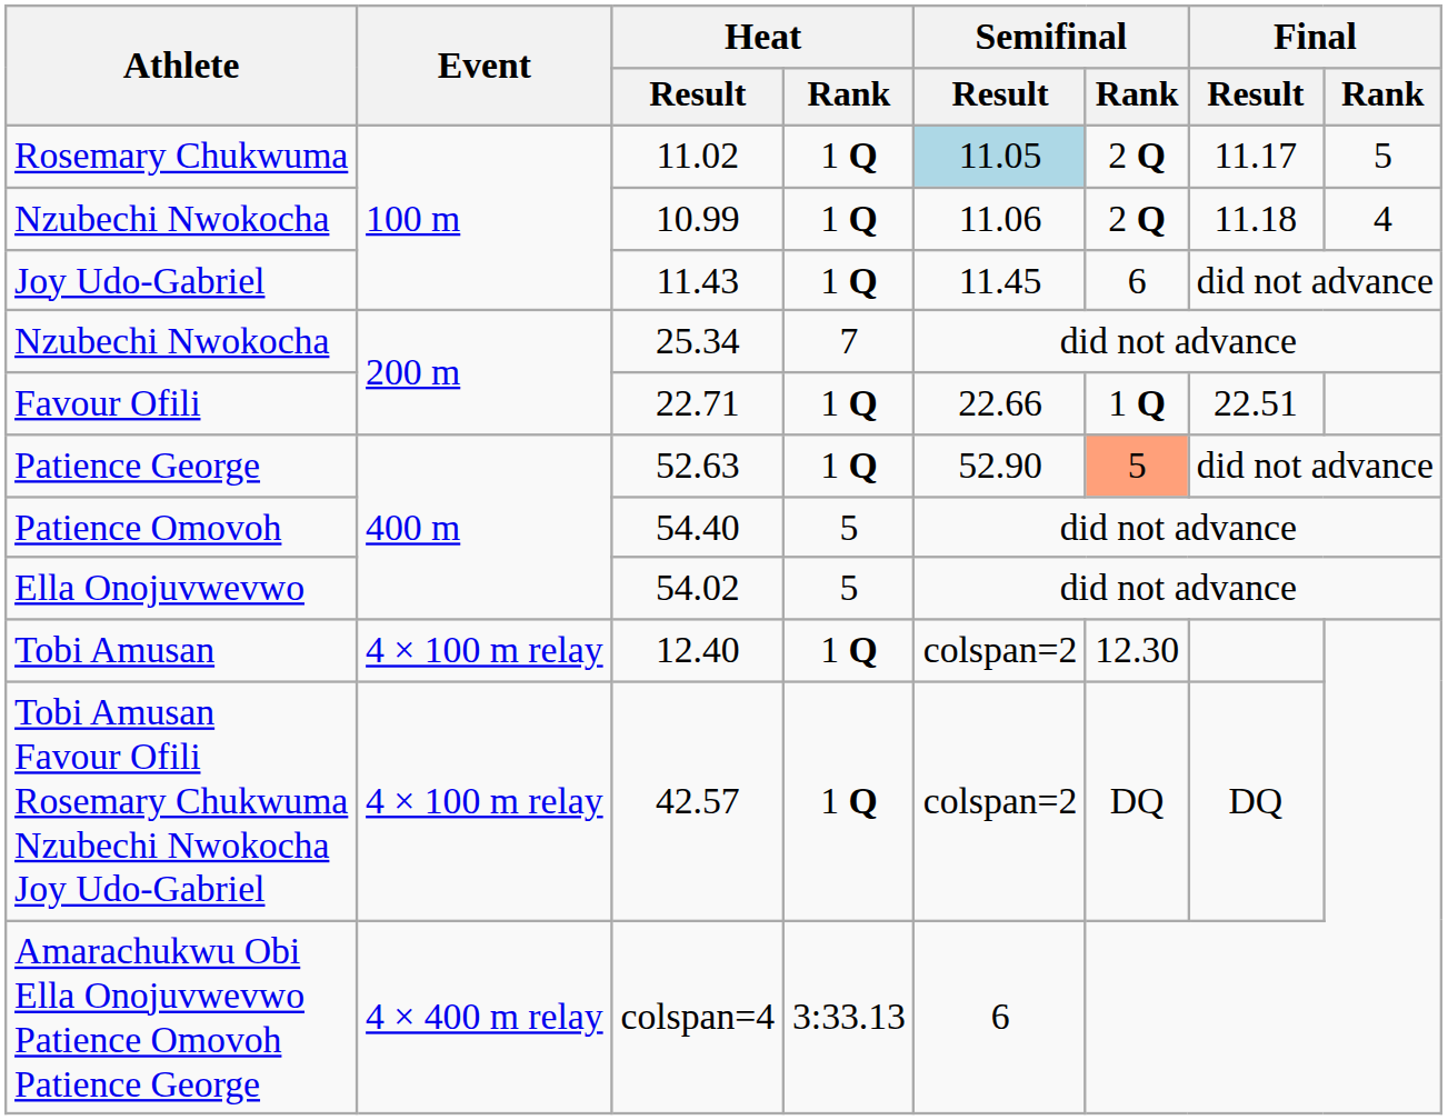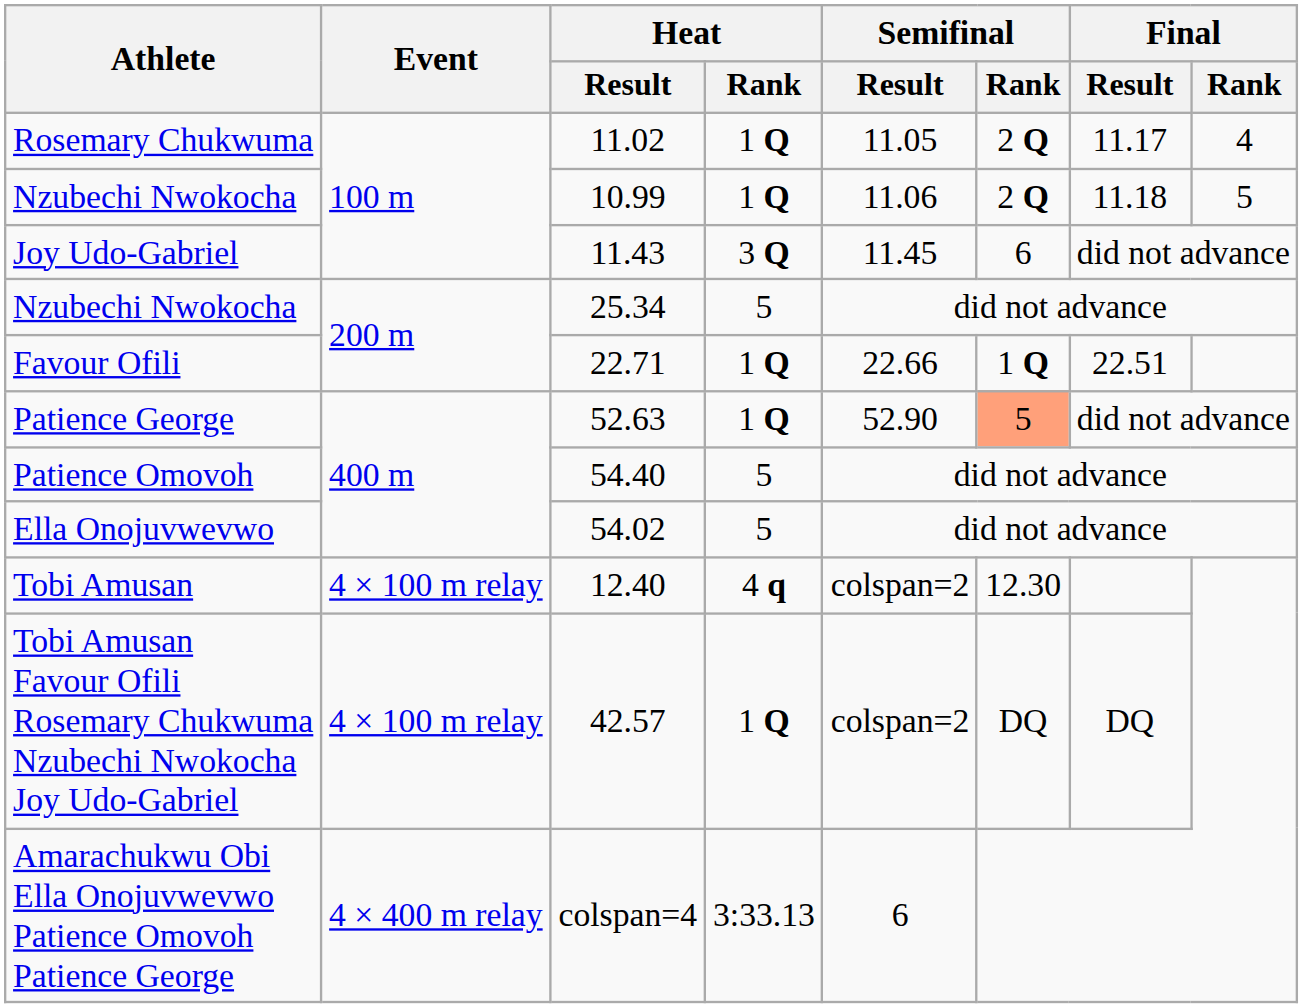 <table class="wikitable" style="font-size:90%; text-align:center">
 <tr>
 <th rowspan=2>Athlete</th>
 <th rowspan=2>Event</th>
 <th colspan=2>Heat</th>
 <th colspan=2>Semifinal</th>
 <th colspan=2>Final</th>
 </tr>
 <tr style="font-size:95%">
 <th>Result</th>
 <th>Rank</th>
 <th>Result</th>
 <th>Rank</th>
 <th>Result</th>
 <th>Rank</th>
 </tr>
 <tr>
 <td align=left><a href='#'>Rosemary Chukwuma</a></td>
 <td align=left rowspan=3><a href='#'>100 m</a></td>
 <td>11.02</td>
 <td>1 <strong>Q</strong></td>
-<td style="background: lightblue;">11.05</td>
+<td>11.05</td>
 <td>2 <strong>Q</strong></td>
 <td>11.17</td>
-<td>5</td>
+<td>4</td>
 </tr>
 <tr>
 <td align=left><a href='#'>Nzubechi Nwokocha</a></td>
 <td>10.99</td>
 <td>1 <strong>Q</strong></td>
 <td>11.06</td>
 <td>2 <strong>Q</strong></td>
 <td>11.18</td>
-<td>4</td>
+<td>5</td>
 </tr>
 <tr>
 <td align=left><a href='#'>Joy Udo-Gabriel</a></td>
 <td>11.43</td>
-<td>1 <strong>Q</strong></td>
+<td>3 <strong>Q</strong></td>
 <td>11.45</td>
 <td>6</td>
 <td colspan=2>did not advance</td>
 </tr>
 <tr>
 <td align=left><a href='#'>Nzubechi Nwokocha</a></td>
 <td align=left rowspan=2><a href='#'>200 m</a></td>
 <td>25.34</td>
-<td>7</td>
+<td>5</td>
 <td colspan=4>did not advance</td>
 </tr>
 <tr>
 <td align=left><a href='#'>Favour Ofili</a></td>
 <td>22.71</td>
 <td>1 <strong>Q</strong></td>
 <td>22.66</td>
 <td>1 <strong>Q</strong></td>
 <td>22.51</td>
 <td></td>
 </tr>
 <tr>
 <td align=left><a href='#'>Patience George</a></td>
 <td align=left rowspan=3><a href='#'>400 m</a></td>
 <td>52.63</td>
 <td>1 <strong>Q</strong></td>
 <td>52.90</td>
 <td style="background: lightsalmon;">5</td>
 <td colspan=2>did not advance</td>
 </tr>
 <tr>
 <td align=left><a href='#'>Patience Omovoh</a></td>
 <td>54.40</td>
 <td>5</td>
 <td colspan=4>did not advance</td>
 </tr>
 <tr>
 <td align=left><a href='#'>Ella Onojuvwevwo</a></td>
 <td>54.02</td>
 <td>5</td>
 <td colspan=4>did not advance</td>
 </tr>
 <tr>
 <td align=left><a href='#'>Tobi Amusan</a></td>
 <td align=left><a href='#'>4 × 100 m relay</a></td>
 <td>12.40</td>
-<td>1 <strong>Q</strong></td>
+<td>4 <strong>q</strong></td>
 <td>colspan=2 </td>
 <td>12.30</td>
 <td></td>
 </tr>
 <tr>
 <td align=left><a href='#'>Tobi Amusan</a><br><a href='#'>Favour Ofili</a><br><a href='#'>Rosemary Chukwuma</a><br><a href='#'>Nzubechi Nwokocha</a><br><a href='#'>Joy Udo-Gabriel</a></td>
 <td align=left><a href='#'>4 × 100 m relay</a></td>
 <td>42.57</td>
 <td>1 <strong>Q</strong></td>
 <td>colspan=2 </td>
 <td>DQ</td>
 <td>DQ</td>
 </tr>
 <tr>
 <td align=left><a href='#'>Amarachukwu Obi</a><br><a href='#'>Ella Onojuvwevwo</a><br><a href='#'>Patience Omovoh</a><br><a href='#'>Patience George</a></td>
 <td align=left><a href='#'>4 × 400 m relay</a></td>
 <td>colspan=4 </td>
 <td>3:33.13</td>
 <td>6</td>
 </tr>
 </table>
